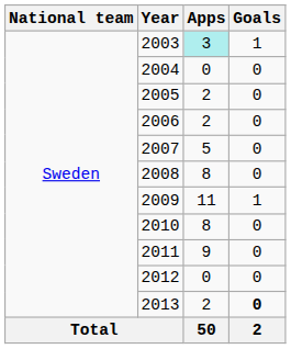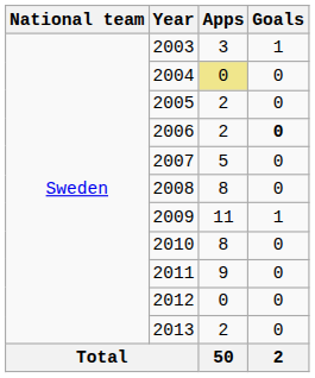 <table class="wikitable" style="text-align:center">
 <tr>
 <th>National team</th>
 <th>Year</th>
 <th>Apps</th>
 <th>Goals</th>
 </tr>
 <tr>
 <td rowspan="11"><a href='#'>Sweden</a></td>
 <td>2003</td>
-<td style="background: paleturquoise;">3</td>
+<td>3</td>
 <td>1</td>
 </tr>
 <tr>
 <td>2004</td>
-<td>0</td>
+<td style="background: khaki;">0</td>
 <td>0</td>
 </tr>
 <tr>
 <td>2005</td>
 <td>2</td>
 <td>0</td>
 </tr>
 <tr>
 <td>2006</td>
 <td>2</td>
-<td>0</td>
+<td><strong>0</strong></td>
 </tr>
 <tr>
 <td>2007</td>
 <td>5</td>
 <td>0</td>
 </tr>
 <tr>
 <td>2008</td>
 <td>8</td>
 <td>0</td>
 </tr>
 <tr>
 <td>2009</td>
 <td>11</td>
 <td>1</td>
 </tr>
 <tr>
 <td>2010</td>
 <td>8</td>
 <td>0</td>
 </tr>
 <tr>
 <td>2011</td>
 <td>9</td>
 <td>0</td>
 </tr>
 <tr>
 <td>2012</td>
 <td>0</td>
 <td>0</td>
 </tr>
 <tr>
 <td>2013</td>
 <td>2</td>
-<td><strong>0</strong></td>
+<td>0</td>
 </tr>
 <tr>
 <th colspan="2">Total</th>
 <th>50</th>
 <th>2</th>
 </tr>
 </table>
